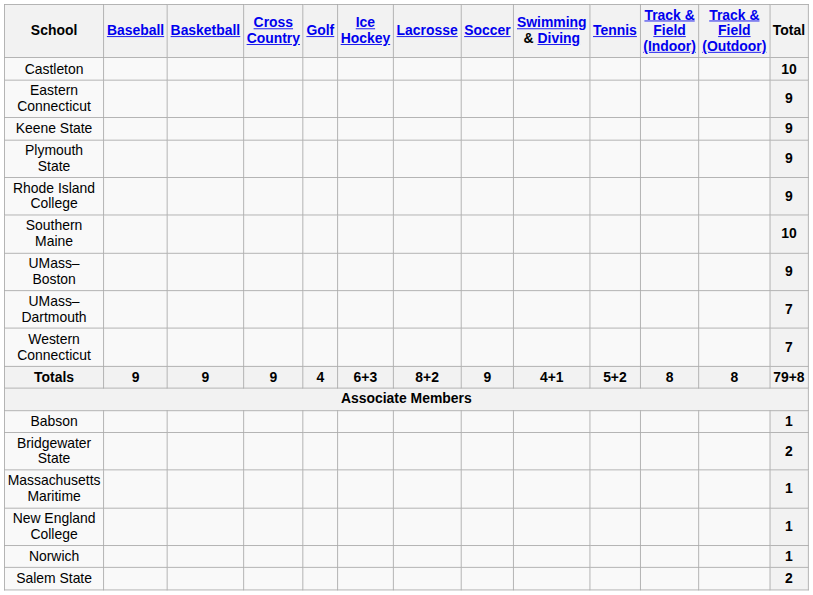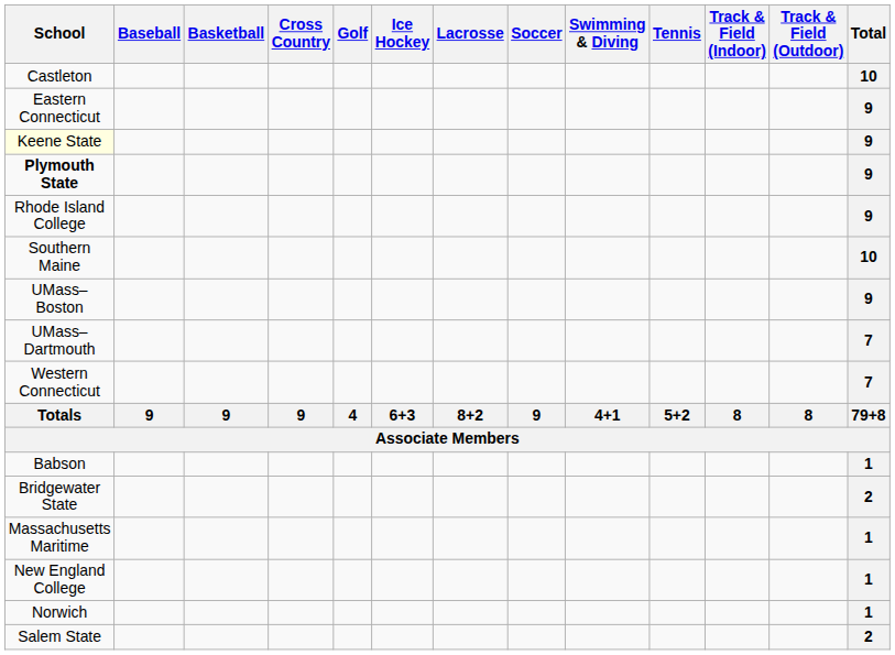 <table class="wikitable" style="text-align:center; width:80%;">
 <tr>
 <th>School</th>
 <th><a href='#'>Baseball</a></th>
 <th><a href='#'>Basketball</a></th>
 <th><a href='#'>Cross<br>Country</a></th>
 <th><a href='#'>Golf</a></th>
 <th><a href='#'>Ice<br>Hockey</a></th>
 <th><a href='#'>Lacrosse</a></th>
 <th><a href='#'>Soccer</a></th>
 <th><a href='#'>Swimming</a><br>& <a href='#'>Diving</a></th>
 <th><a href='#'>Tennis</a></th>
 <th><a href='#'>Track &<br>Field<br>(Indoor)</a></th>
 <th><a href='#'>Track &<br>Field<br>(Outdoor)</a></th>
 <th>Total</th>
 </tr>
 <tr style="text-align:center">
 <td>Castleton</td>
 <td></td>
 <td></td>
 <td></td>
 <td></td>
 <td></td>
 <td></td>
 <td></td>
 <td></td>
 <td></td>
 <td></td>
 <td></td>
 <th>10</th>
 </tr>
 <tr style="text-align:center">
 <td>Eastern Connecticut</td>
 <td></td>
 <td></td>
 <td></td>
 <td></td>
 <td></td>
 <td></td>
 <td></td>
 <td></td>
 <td></td>
 <td></td>
 <td></td>
 <th>9</th>
 </tr>
 <tr style="text-align:center">
-<td>Keene State</td>
+<td style="background: lightyellow;">Keene State</td>
 <td></td>
 <td></td>
 <td></td>
 <td></td>
 <td></td>
 <td></td>
 <td></td>
 <td></td>
 <td></td>
 <td></td>
 <td></td>
 <th>9</th>
 </tr>
 <tr style="text-align:center">
-<td>Plymouth State</td>
+<td><strong>Plymouth State</strong></td>
 <td></td>
 <td></td>
 <td></td>
 <td></td>
 <td></td>
 <td></td>
 <td></td>
 <td></td>
 <td></td>
 <td></td>
 <td></td>
 <th>9</th>
 </tr>
 <tr style="text-align:center">
 <td>Rhode Island College</td>
 <td></td>
 <td></td>
 <td></td>
 <td></td>
 <td></td>
 <td></td>
 <td></td>
 <td></td>
 <td></td>
 <td></td>
 <td></td>
 <th>9</th>
 </tr>
 <tr style="text-align:center">
 <td>Southern Maine</td>
 <td></td>
 <td></td>
 <td></td>
 <td></td>
 <td></td>
 <td></td>
 <td></td>
 <td></td>
 <td></td>
 <td></td>
 <td></td>
 <th>10</th>
 </tr>
 <tr style="text-align:center">
 <td>UMass–Boston</td>
 <td></td>
 <td></td>
 <td></td>
 <td></td>
 <td></td>
 <td></td>
 <td></td>
 <td></td>
 <td></td>
 <td></td>
 <td></td>
 <th>9</th>
 </tr>
 <tr style="text-align:center">
 <td>UMass–Dartmouth</td>
 <td></td>
 <td></td>
 <td></td>
 <td></td>
 <td></td>
 <td></td>
 <td></td>
 <td></td>
 <td></td>
 <td></td>
 <td></td>
 <th>7</th>
 </tr>
 <tr style="text-align:center">
 <td>Western Connecticut</td>
 <td></td>
 <td></td>
 <td></td>
 <td></td>
 <td></td>
 <td></td>
 <td></td>
 <td></td>
 <td></td>
 <td></td>
 <td></td>
 <th>7</th>
 </tr>
 <tr style="text-align:center">
 <th>Totals</th>
 <th>9</th>
 <th>9</th>
 <th>9</th>
 <th>4</th>
 <th>6+3</th>
 <th>8+2</th>
 <th>9</th>
 <th>4+1</th>
 <th>5+2</th>
 <th>8</th>
 <th>8</th>
 <th>79+8</th>
 </tr>
 <tr>
 <th colspan="13">Associate Members</th>
 </tr>
 <tr>
 <td>Babson</td>
 <td></td>
 <td></td>
 <td></td>
 <td></td>
 <td></td>
 <td></td>
 <td></td>
 <td></td>
 <td></td>
 <td></td>
 <td></td>
 <th>1</th>
 </tr>
 <tr>
 <td>Bridgewater State</td>
 <td></td>
 <td></td>
 <td></td>
 <td></td>
 <td></td>
 <td></td>
 <td></td>
 <td></td>
 <td></td>
 <td></td>
 <td></td>
 <th>2</th>
 </tr>
 <tr>
 <td>Massachusetts Maritime</td>
 <td></td>
 <td></td>
 <td></td>
 <td></td>
 <td></td>
 <td></td>
 <td></td>
 <td></td>
 <td></td>
 <td></td>
 <td></td>
 <th>1</th>
 </tr>
 <tr>
 <td>New England College</td>
 <td></td>
 <td></td>
 <td></td>
 <td></td>
 <td></td>
 <td></td>
 <td></td>
 <td></td>
 <td></td>
 <td></td>
 <td></td>
 <th>1</th>
 </tr>
 <tr>
 <td>Norwich</td>
 <td></td>
 <td></td>
 <td></td>
 <td></td>
 <td></td>
 <td></td>
 <td></td>
 <td></td>
 <td></td>
 <td></td>
 <td></td>
 <th>1</th>
 </tr>
 <tr>
 <td>Salem State</td>
 <td></td>
 <td></td>
 <td></td>
 <td></td>
 <td></td>
 <td></td>
 <td></td>
 <td></td>
 <td></td>
 <td></td>
 <td></td>
 <th>2</th>
 </tr>
 </table>
